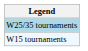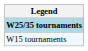 <table class="wikitable" style="font-size:85%">
 <tr>
 <th>Legend</th>
 </tr>
 <tr style="background:lightblue;">
-<td>W25/35 tournaments</td>
+<td><strong>W25/35 tournaments</strong></td>
 </tr>
 <tr style="background:#f0f8ff;">
 <td>W15 tournaments</td>
 </tr>
 </table>
